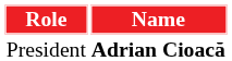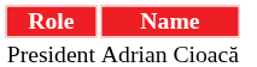 <table class="toccolours">
 <tr>
 <th style="background:#ed1f24;color:#FFFFFF;border:1px solid #FFFFFF;">Role</th>
 <th style="background:#ed1f24;color:#FFFFFF;border:1px solid #FFFFFF;">Name</th>
 </tr>
 <tr>
 <td>President</td>
-<td><strong> Adrian Cioacă</strong></td>
+<td> Adrian Cioacă</td>
 </tr>
 </table>
